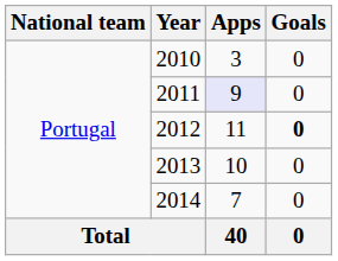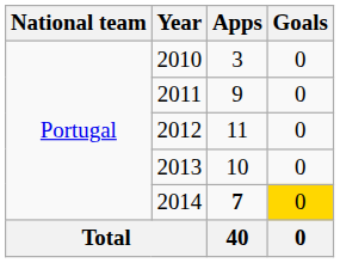 <table class="wikitable" style="text-align:center">
 <tr>
 <th>National team</th>
 <th>Year</th>
 <th>Apps</th>
 <th>Goals</th>
 </tr>
 <tr>
 <td rowspan="5"><a href='#'>Portugal</a></td>
 <td>2010</td>
 <td>3</td>
 <td>0</td>
 </tr>
 <tr>
 <td>2011</td>
-<td style="background: lavender;">9</td>
+<td>9</td>
 <td>0</td>
 </tr>
 <tr>
 <td>2012</td>
 <td>11</td>
-<td><strong>0</strong></td>
+<td>0</td>
 </tr>
 <tr>
 <td>2013</td>
 <td>10</td>
 <td>0</td>
 </tr>
 <tr>
 <td>2014</td>
-<td>7</td>
-<td>0</td>
+<td><strong>7</strong></td>
+<td style="background: gold;">0</td>
 </tr>
 <tr>
 <th colspan="2">Total</th>
 <th>40</th>
 <th>0</th>
 </tr>
 </table>
